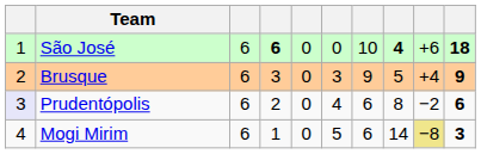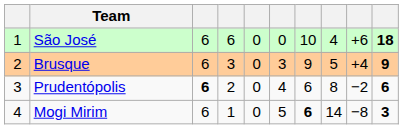 <table class="wikitable" style="text-align: center;">
 <tr>
 <th width=20></th>
 <th width=165>Team</th>
 <th width=20></th>
 <th width=20></th>
 <th width=20></th>
 <th width=20></th>
 <th width=20></th>
 <th width=20></th>
 <th width=20></th>
 <th width=20></th>
 </tr>
 <tr bgcolor=#ccffcc>
 <td>1</td>
 <td align=left> <a href='#'>São José</a></td>
 <td>6</td>
-<td><strong>6</strong></td>
+<td>6</td>
 <td>0</td>
 <td>0</td>
 <td>10</td>
-<td><strong>4</strong></td>
+<td>4</td>
 <td>+6</td>
 <td><strong>18</strong></td>
 </tr>
 <tr bgcolor=#ffcc99>
 <td>2</td>
 <td align=left> <a href='#'>Brusque</a></td>
 <td>6</td>
 <td>3</td>
 <td>0</td>
 <td>3</td>
 <td>9</td>
 <td>5</td>
 <td>+4</td>
 <td><strong>9</strong></td>
 </tr>
 <tr>
-<td style="background: lavender;">3</td>
+<td>3</td>
 <td align=left> <a href='#'>Prudentópolis</a></td>
-<td>6</td>
+<td><strong>6</strong></td>
 <td>2</td>
 <td>0</td>
 <td>4</td>
 <td>6</td>
 <td>8</td>
 <td>−2</td>
 <td><strong>6</strong></td>
 </tr>
 <tr>
 <td>4</td>
 <td align=left> <a href='#'>Mogi Mirim</a></td>
 <td>6</td>
 <td>1</td>
 <td>0</td>
 <td>5</td>
-<td>6</td>
+<td><strong>6</strong></td>
 <td>14</td>
-<td style="background: khaki;">−8</td>
+<td>−8</td>
 <td><strong>3</strong></td>
 </tr>
 </table>
